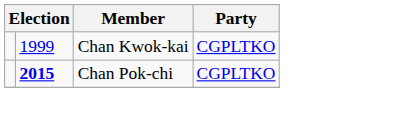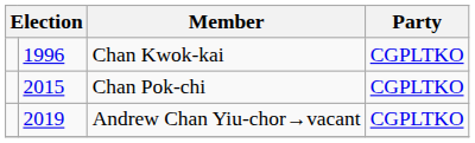 <table class="wikitable">
 <tr>
 <th colspan="2">Election</th>
 <th>Member</th>
 <th>Party</th>
 </tr>
 <tr>
 <td style="color:inherit;background:"></td>
-<td><a href='#'>1999</a></td>
+<td><a href='#'>1996</a></td>
 <td>Chan Kwok-kai</td>
 <td><a href='#'>CGPLTKO</a></td>
 </tr>
 <tr>
 <td style="color:inherit;background:"></td>
-<td><strong><a href='#'>2015</a></strong></td>
+<td><a href='#'>2015</a></td>
 <td>Chan Pok-chi</td>
+<td><a href='#'>CGPLTKO</a></td>
+</tr>
+<tr>
+<td style="color:inherit;background:"></td>
+<td><a href='#'>2019</a></td>
+<td>Andrew Chan Yiu-chor→vacant</td>
 <td><a href='#'>CGPLTKO</a></td>
 </tr>
 <tr>
 </tr>
 </table>
